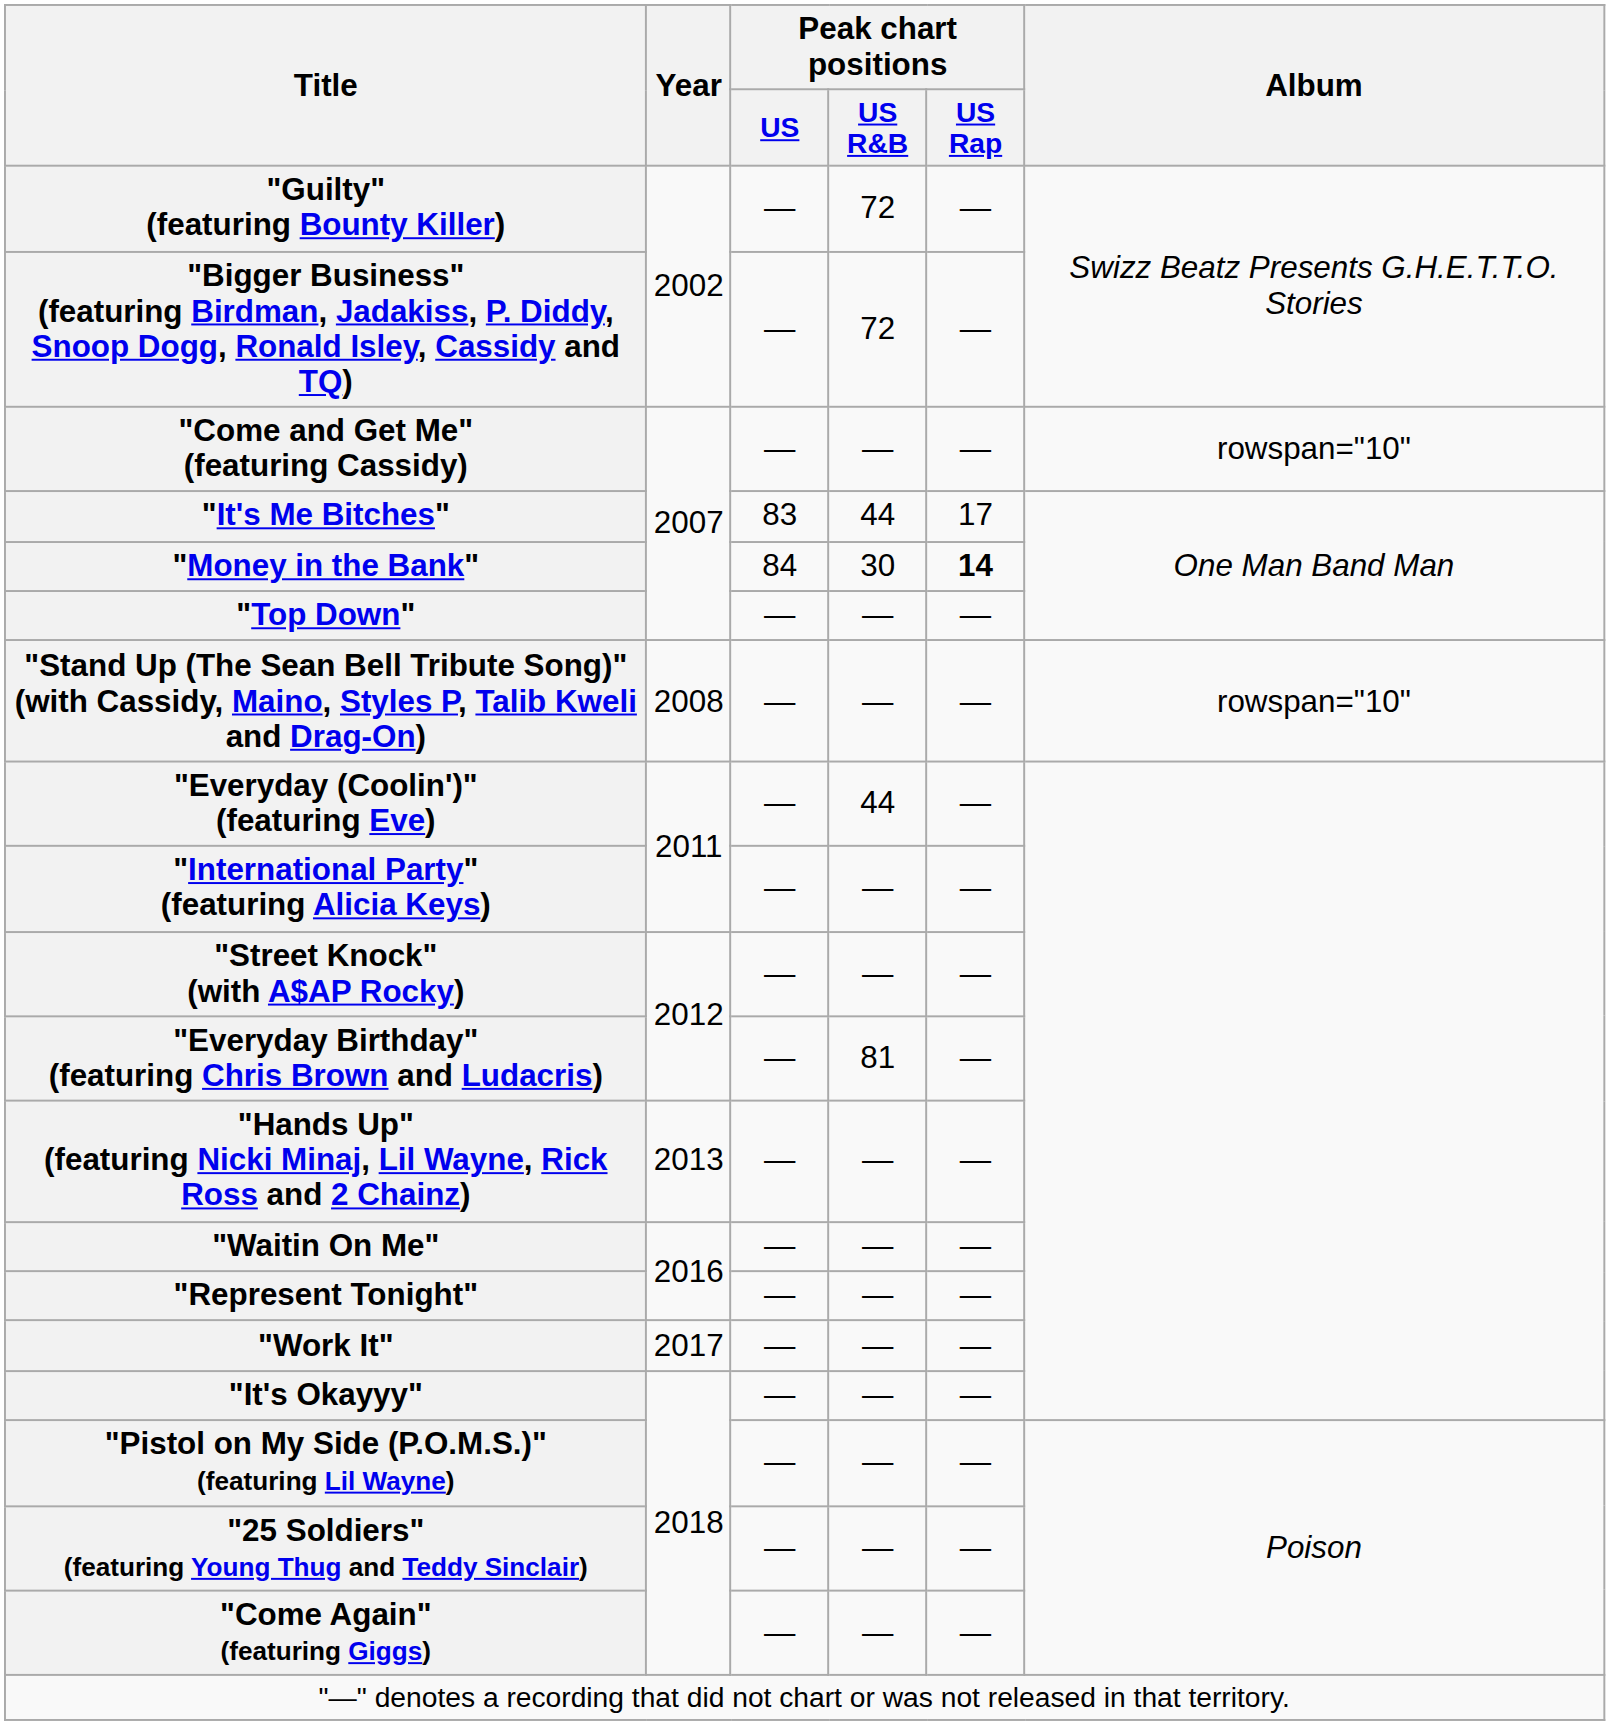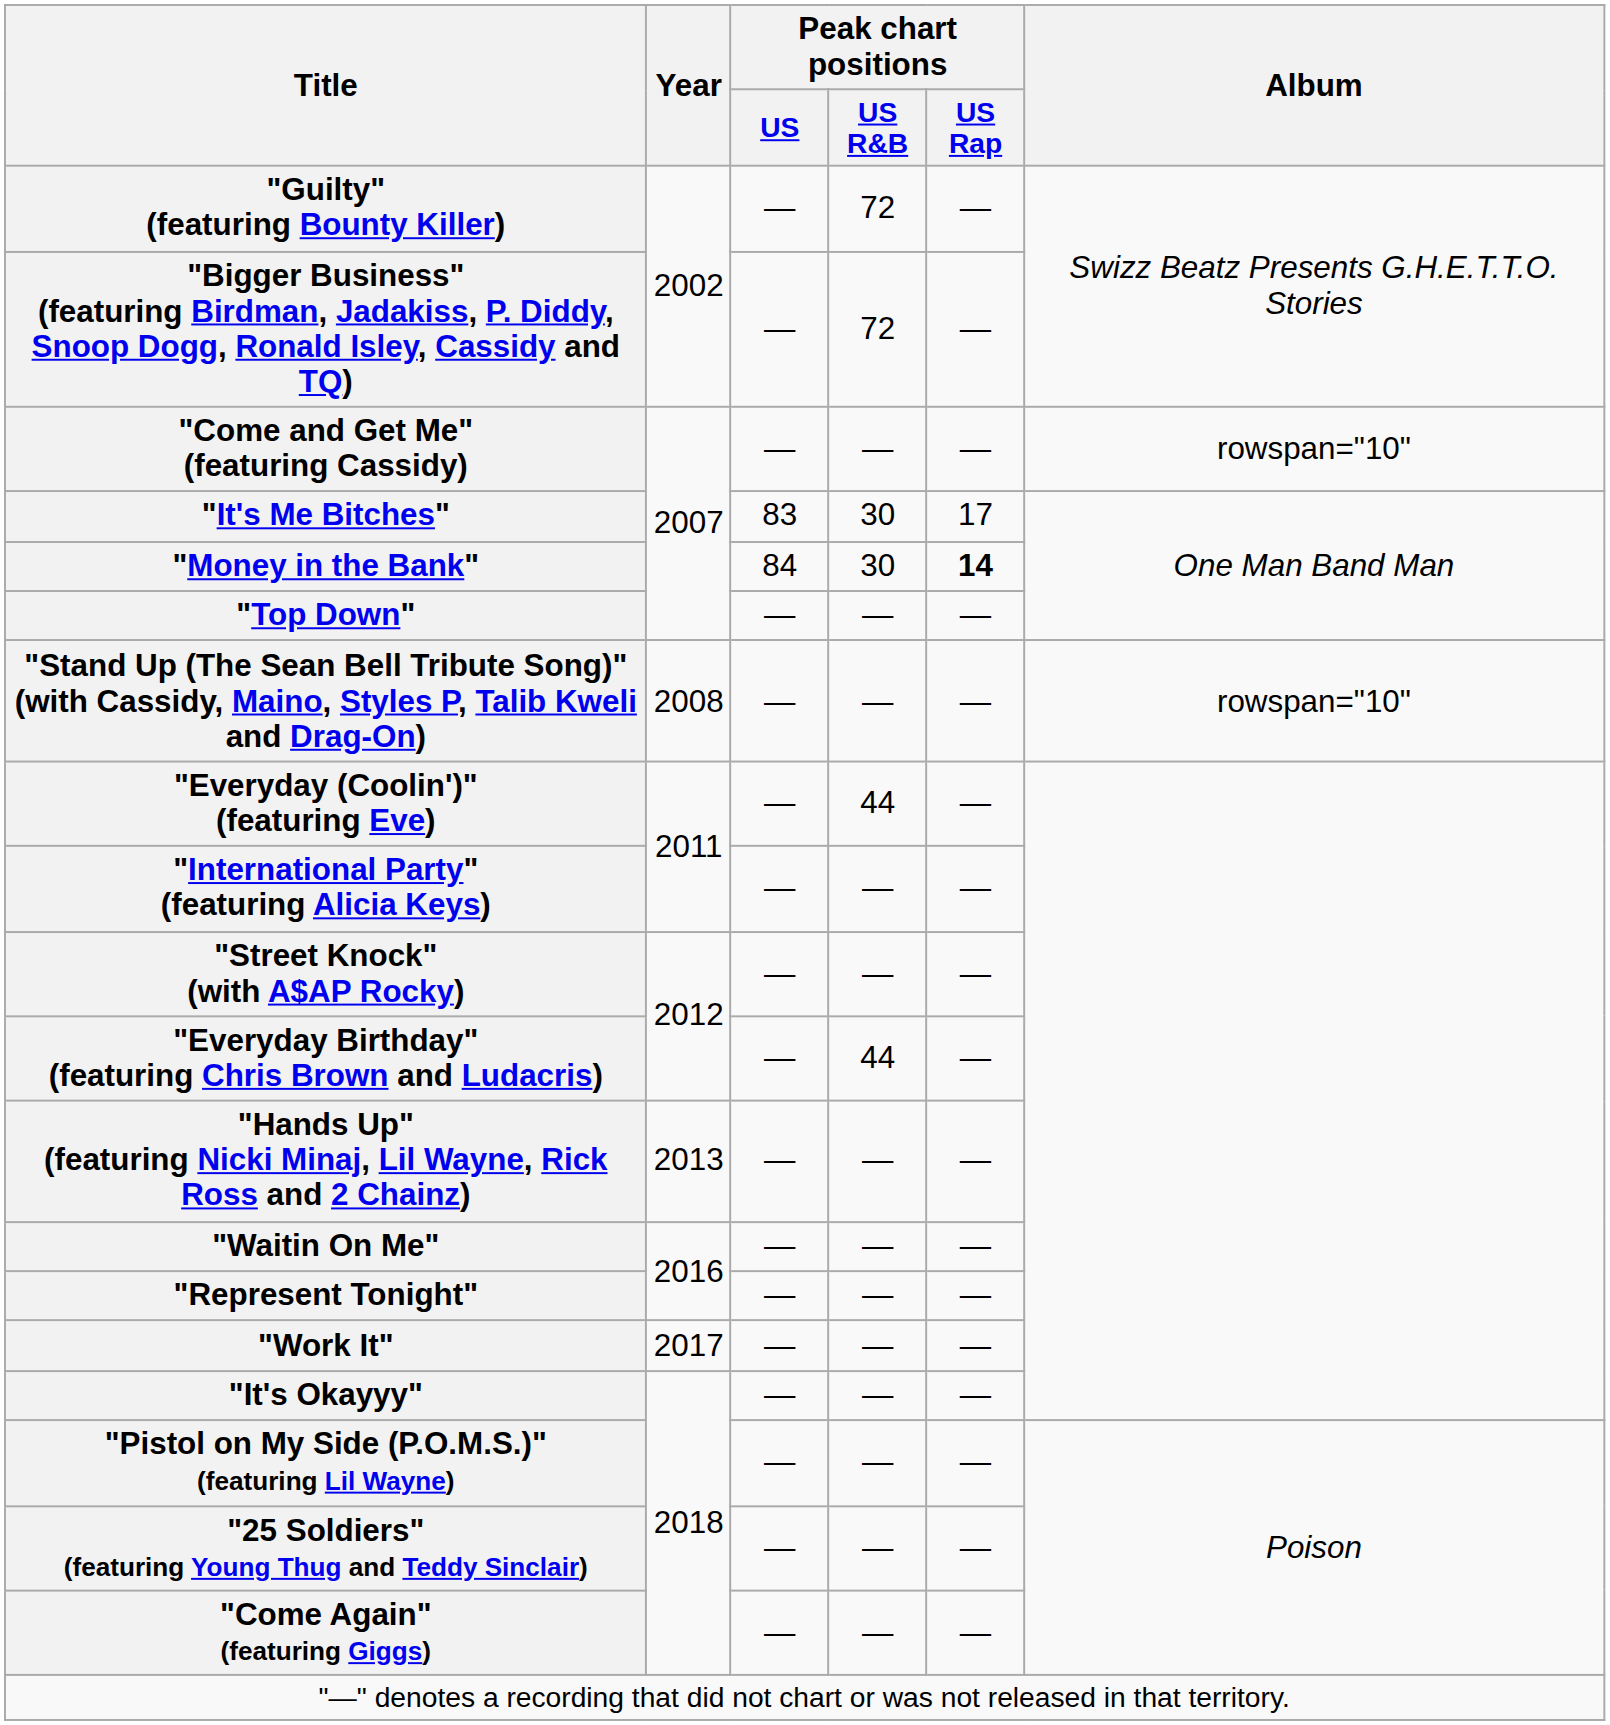 <table class="wikitable plainrowheaders" style="text-align:center;" border="1">
 <tr>
 <th scope="col" rowspan="2" style="width:20em;">Title</th>
 <th scope="col" rowspan="2" style="width:1em;">Year</th>
 <th scope="col" colspan="3">Peak chart positions</th>
 <th scope="col" rowspan="2" style="width:18em;">Album</th>
 </tr>
 <tr>
 <th style="width:3em; font-size:90%"><a href='#'>US</a><br></th>
 <th style="width:3em; font-size:90%"><a href='#'>US<br>R&B</a><br></th>
 <th style="width:3em; font-size:90%"><a href='#'>US<br>Rap</a><br></th>
 </tr>
 <tr>
 <th scope="row">"Guilty"<br><span>(featuring <a href='#'>Bounty Killer</a>)</span></th>
 <td rowspan="2">2002</td>
 <td>—</td>
 <td>72</td>
 <td>—</td>
 <td rowspan="2"><em>Swizz Beatz Presents G.H.E.T.T.O. Stories</em></td>
 </tr>
 <tr>
 <th scope="row">"Bigger Business"<br><span>(featuring <a href='#'>Birdman</a>, <a href='#'>Jadakiss</a>, <a href='#'>P. Diddy</a>, <a href='#'>Snoop Dogg</a>, <a href='#'>Ronald Isley</a>, <a href='#'>Cassidy</a> and <a href='#'>TQ</a>)</span></th>
 <td>—</td>
 <td>72</td>
 <td>—</td>
 </tr>
 <tr>
 <th scope="row">"Come and Get Me"<br><span>(featuring Cassidy)</span></th>
 <td rowspan="4">2007</td>
 <td>—</td>
 <td>—</td>
 <td>—</td>
 <td>rowspan="10" </td>
 </tr>
 <tr>
 <th scope="row">"<a href='#'>It's Me Bitches</a>"</th>
 <td>83</td>
-<td>44</td>
+<td>30</td>
 <td>17</td>
 <td rowspan="3"><em>One Man Band Man</em></td>
 </tr>
 <tr>
 <th scope="row">"<a href='#'>Money in the Bank</a>"</th>
 <td>84</td>
 <td>30</td>
 <td><strong>14</strong></td>
 </tr>
 <tr>
 <th scope="row">"<a href='#'>Top Down</a>"</th>
 <td>—</td>
 <td>—</td>
 <td>—</td>
 </tr>
 <tr>
 <th scope="row">"Stand Up (The Sean Bell Tribute Song)"<br><span>(with Cassidy, <a href='#'>Maino</a>, <a href='#'>Styles P</a>, <a href='#'>Talib Kweli</a> and <a href='#'>Drag-On</a>)</span></th>
 <td>2008</td>
 <td>—</td>
 <td>—</td>
 <td>—</td>
 <td>rowspan="10" </td>
 </tr>
 <tr>
 <th scope="row">"Everyday (Coolin')"<br><span>(featuring <a href='#'>Eve</a>)</span></th>
 <td rowspan="2">2011</td>
 <td>—</td>
 <td>44</td>
 <td>—</td>
 </tr>
 <tr>
 <th scope="row">"<a href='#'>International Party</a>"<br><span>(featuring <a href='#'>Alicia Keys</a>)</span></th>
 <td>—</td>
 <td>—</td>
 <td>—</td>
 </tr>
 <tr>
 <th scope="row">"Street Knock"<br><span>(with <a href='#'>A$AP Rocky</a>)</span></th>
 <td rowspan="2">2012</td>
 <td>—</td>
 <td>—</td>
 <td>—</td>
 </tr>
 <tr>
 <th scope="row">"Everyday Birthday"<br><span>(featuring <a href='#'>Chris Brown</a> and <a href='#'>Ludacris</a>)</span></th>
 <td>—</td>
-<td>81</td>
+<td>44</td>
 <td>—</td>
 </tr>
 <tr>
 <th scope="row">"Hands Up"<br><span>(featuring <a href='#'>Nicki Minaj</a>, <a href='#'>Lil Wayne</a>, <a href='#'>Rick Ross</a> and <a href='#'>2 Chainz</a>)</span></th>
 <td>2013</td>
 <td>—</td>
 <td>—</td>
 <td>—</td>
 </tr>
 <tr>
 <th scope="row">"Waitin On Me"</th>
 <td rowspan="2">2016</td>
 <td>—</td>
 <td>—</td>
 <td>—</td>
 </tr>
 <tr>
 <th scope="row">"Represent Tonight"</th>
 <td>—</td>
 <td>—</td>
 <td>—</td>
 </tr>
 <tr>
 <th scope="row">"Work It"<br></th>
 <td rowspan="1">2017</td>
 <td>—</td>
 <td>—</td>
 <td>—</td>
 </tr>
 <tr>
 <th scope="row">"It's Okayyy"</th>
 <td rowspan="4">2018</td>
 <td>—</td>
 <td>—</td>
 <td>—</td>
 </tr>
 <tr>
 <th scope="row">"Pistol on My Side (P.O.M.S.)"<br><small>(featuring <a href='#'>Lil Wayne</a>)</small></th>
 <td>—</td>
 <td>—</td>
 <td>—</td>
 <td rowspan="3”"><em>Poison</em></td>
 </tr>
 <tr>
 <th scope="row">"25 Soldiers"<br><small>(featuring <a href='#'>Young Thug</a> and <a href='#'>Teddy Sinclair</a>)</small></th>
 <td>—</td>
 <td>—</td>
 <td>—</td>
 </tr>
 <tr>
 <th scope="row">"Come Again"<br><small>(featuring <a href='#'>Giggs</a>)</small></th>
 <td>—</td>
 <td>—</td>
 <td>—</td>
 </tr>
 <tr>
 <td colspan="6" style="font-size:90%">"—" denotes a recording that did not chart or was not released in that territory.</td>
 </tr>
 </table>
